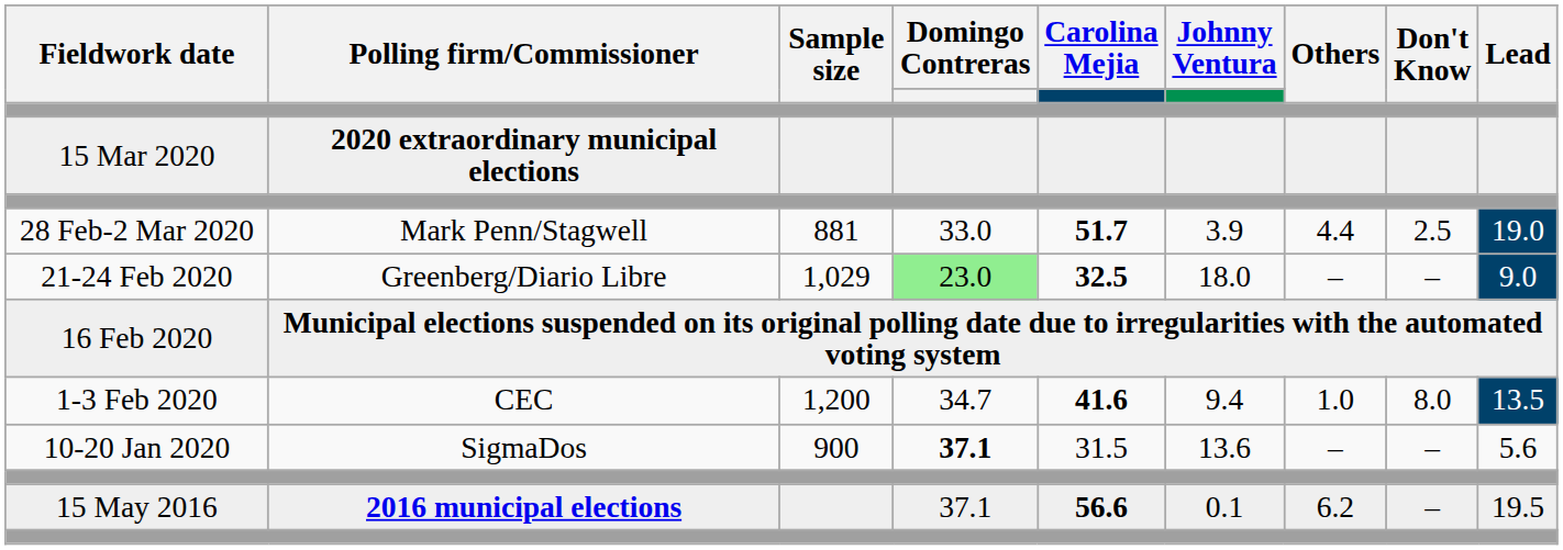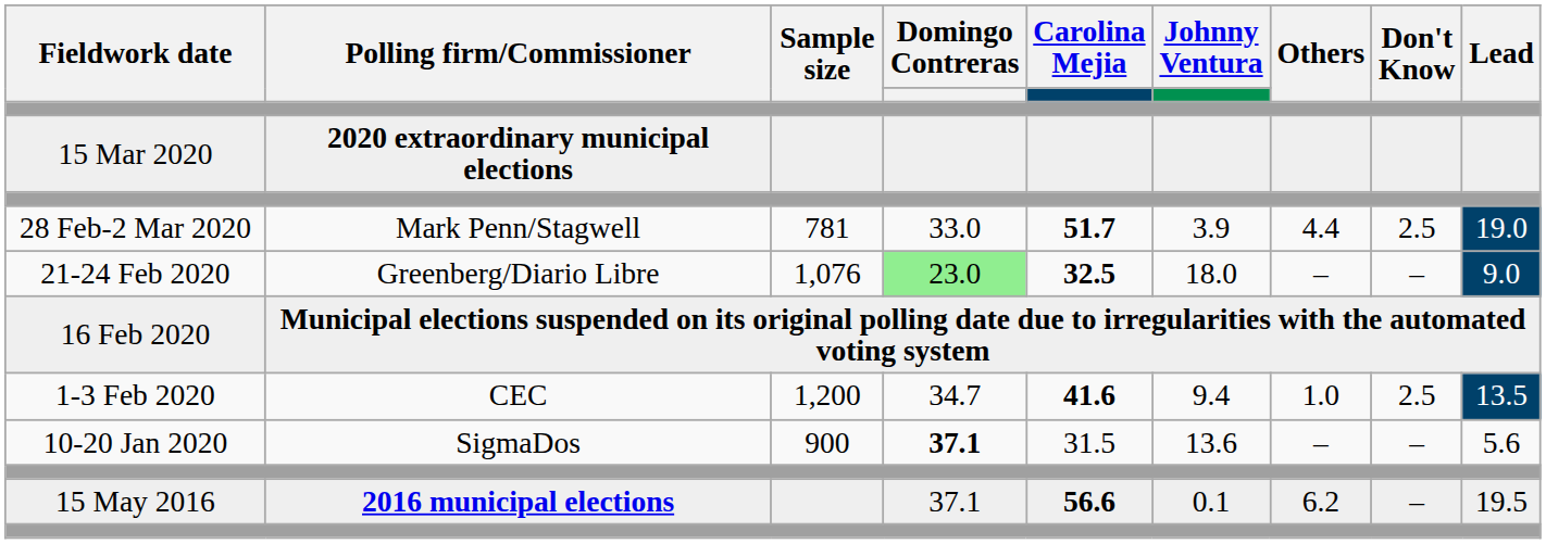 <table class="wikitable collapsible" style="text-align:center; font-size:95%; line-height:16px;">
 <tr style="height:42px;">
 <th style="width:125px;" rowspan="2">Fieldwork date</th>
 <th style="width:250px;" rowspan="2">Polling firm/Commissioner</th>
 <th style="width:50px;" rowspan="2">Sample size</th>
 <th style="width:35px;">Domingo Contreras<br></th>
 <th style="width:35px;"><a href='#'>Carolina Mejia</a><br></th>
 <th style="width:35px;"><a href='#'>Johnny Ventura</a><br></th>
 <th style="width:35px;" rowspan="2">Others</th>
 <th style="width:35px;" rowspan="2">Don't Know</th>
 <th style="width:30px;" rowspan="2">Lead</th>
 </tr>
 <tr>
 <th style="color:inherit;background:"></th>
 <th style="color:inherit;background:#00416A;"></th>
 <th style="color:inherit;background:#009150;"></th>
 </tr>
 <tr>
 <td colspan="10" style="background:#A0A0A0"></td>
 </tr>
 <tr style="background:#EFEFEF;">
 <td>15 Mar 2020</td>
 <td><strong>2020 extraordinary municipal elections</strong></td>
 <td></td>
 <td></td>
 <td></td>
 <td></td>
 <td></td>
 <td></td>
 <td></td>
 </tr>
 <tr>
 <td colspan="10" style="background:#A0A0A0"></td>
 </tr>
 <tr>
 <td>28 Feb-2 Mar 2020</td>
 <td>Mark Penn/Stagwell</td>
-<td>881</td>
+<td>781</td>
 <td>33.0</td>
 <td><strong>51.7</strong></td>
 <td>3.9</td>
 <td>4.4</td>
 <td>2.5</td>
 <td style="background:#00416A; color:white;">19.0</td>
 </tr>
 <tr>
 <td>21-24 Feb 2020</td>
 <td>Greenberg/Diario Libre</td>
-<td>1,029</td>
+<td>1,076</td>
 <td style="background: lightgreen;">23.0</td>
 <td><strong>32.5</strong></td>
 <td>18.0</td>
 <td>–</td>
 <td>–</td>
 <td style="background:#00416A; color:white;">9.0</td>
 </tr>
 <tr style="background:#EFEFEF;">
 <td>16 Feb 2020</td>
 <td colspan="10"><strong>Municipal elections suspended on its original polling date due to irregularities with the automated voting system</strong></td>
 </tr>
 <tr>
 <td>1-3 Feb 2020</td>
 <td>CEC</td>
 <td>1,200</td>
 <td>34.7</td>
 <td><strong>41.6</strong></td>
 <td>9.4</td>
 <td>1.0</td>
-<td>8.0</td>
+<td>2.5</td>
 <td style="background:#00416A; color:white;">13.5</td>
 </tr>
 <tr>
 <td>10-20 Jan 2020</td>
 <td>SigmaDos</td>
 <td>900</td>
 <td><strong>37.1</strong></td>
 <td>31.5</td>
 <td>13.6</td>
 <td>–</td>
 <td>–</td>
 <td style="background:">5.6</td>
 </tr>
 <tr>
 <td colspan="18" style="background:#A0A0A0"></td>
 </tr>
 <tr style="background:#EFEFEF;">
 <td>15 May 2016</td>
 <td><strong><a href='#'>2016 municipal elections</a></strong></td>
 <td></td>
 <td>37.1</td>
 <td><strong>56.6</strong></td>
 <td>0.1</td>
 <td>6.2</td>
 <td>–</td>
 <td style="background:">19.5</td>
 </tr>
 <tr>
 <td colspan="18" style="background:#A0A0A0"></td>
 </tr>
 </table>
